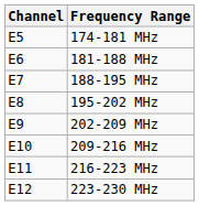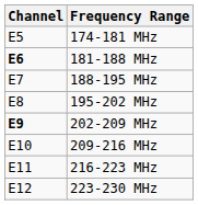 <table class="wikitable sortable static-row-numbers">
 <tr>
 <th>Channel</th>
 <th>Frequency Range</th>
 </tr>
 <tr>
 <td>E5</td>
 <td>174-181 MHz</td>
 </tr>
 <tr>
-<td>E6</td>
+<td><strong>E6</strong></td>
 <td>181-188 MHz</td>
 </tr>
 <tr>
 <td>E7</td>
 <td>188-195 MHz</td>
 </tr>
 <tr>
 <td>E8</td>
 <td>195-202 MHz</td>
 </tr>
 <tr>
-<td>E9</td>
+<td><strong>E9</strong></td>
 <td>202-209 MHz</td>
 </tr>
 <tr>
 <td>E10</td>
 <td>209-216 MHz</td>
 </tr>
 <tr>
 <td>E11</td>
 <td>216-223 MHz</td>
 </tr>
 <tr>
 <td>E12</td>
 <td>223-230 MHz</td>
 </tr>
 </table>
